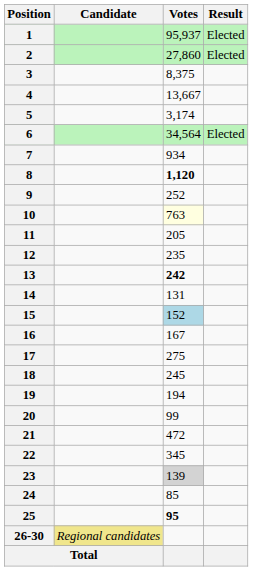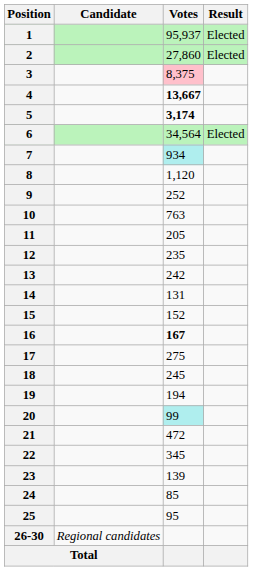 <table class="wikitable sortable col3right">
 <tr>
 <th scope="col">Position</th>
 <th scope="col">Candidate</th>
 <th scope="col">Votes</th>
 <th scope="col">Result</th>
 </tr>
 <tr bgcolor=bbf3bb>
 <th scope="row">1</th>
 <td></td>
 <td>95,937</td>
 <td>Elected</td>
 </tr>
 <tr bgcolor=bbf3bb>
 <th scope="row">2</th>
 <td></td>
 <td>27,860</td>
 <td>Elected</td>
 </tr>
 <tr>
 <th scope="row">3</th>
 <td></td>
-<td>8,375</td>
+<td style="background: pink;">8,375</td>
 <td></td>
 </tr>
 <tr>
 <th scope="row">4</th>
 <td></td>
-<td>13,667</td>
+<td><strong>13,667</strong></td>
 <td></td>
 </tr>
 <tr>
 <th scope="row">5</th>
 <td></td>
-<td>3,174</td>
+<td><strong>3,174</strong></td>
 <td></td>
 </tr>
 <tr bgcolor=bbf3bb>
 <th scope="row">6</th>
 <td></td>
 <td>34,564</td>
 <td>Elected</td>
 </tr>
 <tr>
 <th scope="row">7</th>
 <td></td>
-<td>934</td>
+<td style="background: paleturquoise;">934</td>
 <td></td>
 </tr>
 <tr>
 <th scope="row">8</th>
 <td></td>
-<td><strong>1,120</strong></td>
+<td>1,120</td>
 <td></td>
 </tr>
 <tr>
 <th scope="row">9</th>
 <td></td>
 <td>252</td>
 <td></td>
 </tr>
 <tr>
 <th scope="row">10</th>
 <td></td>
-<td style="background: lightyellow;">763</td>
+<td>763</td>
 <td></td>
 </tr>
 <tr>
 <th scope="row">11</th>
 <td></td>
 <td>205</td>
 <td></td>
 </tr>
 <tr>
 <th scope="row">12</th>
 <td></td>
 <td>235</td>
 <td></td>
 </tr>
 <tr>
 <th scope="row">13</th>
 <td></td>
-<td><strong>242</strong></td>
+<td>242</td>
 <td></td>
 </tr>
 <tr>
 <th scope="row">14</th>
 <td></td>
 <td>131</td>
 <td></td>
 </tr>
 <tr>
 <th scope="row">15</th>
 <td></td>
-<td style="background: lightblue;">152</td>
+<td>152</td>
 <td></td>
 </tr>
 <tr>
 <th scope="row">16</th>
 <td></td>
-<td>167</td>
+<td><strong>167</strong></td>
 <td></td>
 </tr>
 <tr>
 <th scope="row">17</th>
 <td></td>
 <td>275</td>
 <td></td>
 </tr>
 <tr>
 <th scope="row">18</th>
 <td></td>
 <td>245</td>
 <td></td>
 </tr>
 <tr>
 <th scope="row">19</th>
 <td></td>
 <td>194</td>
 <td></td>
 </tr>
 <tr>
 <th scope="row">20</th>
 <td></td>
-<td>99</td>
+<td style="background: paleturquoise;">99</td>
 <td></td>
 </tr>
 <tr>
 <th scope="row">21</th>
 <td></td>
 <td>472</td>
 <td></td>
 </tr>
 <tr>
 <th scope="row">22</th>
 <td></td>
 <td>345</td>
 <td></td>
 </tr>
 <tr>
 <th scope="row">23</th>
 <td></td>
-<td style="background: lightgrey;">139</td>
+<td>139</td>
 <td></td>
 </tr>
 <tr>
 <th scope="row">24</th>
 <td></td>
 <td>85</td>
 <td></td>
 </tr>
 <tr>
 <th scope="row">25</th>
 <td></td>
-<td><strong>95</strong></td>
+<td>95</td>
 <td></td>
 </tr>
 <tr>
 <th scope="row">26-30</th>
-<td style="background: khaki;"><em>Regional candidates</em></td>
+<td><em>Regional candidates</em></td>
 <td></td>
 <td></td>
 </tr>
 <tr class="sortbottom">
 <th scope="row" colspan="2">Total</th>
 <th></th>
 <th></th>
 </tr>
 </table>
